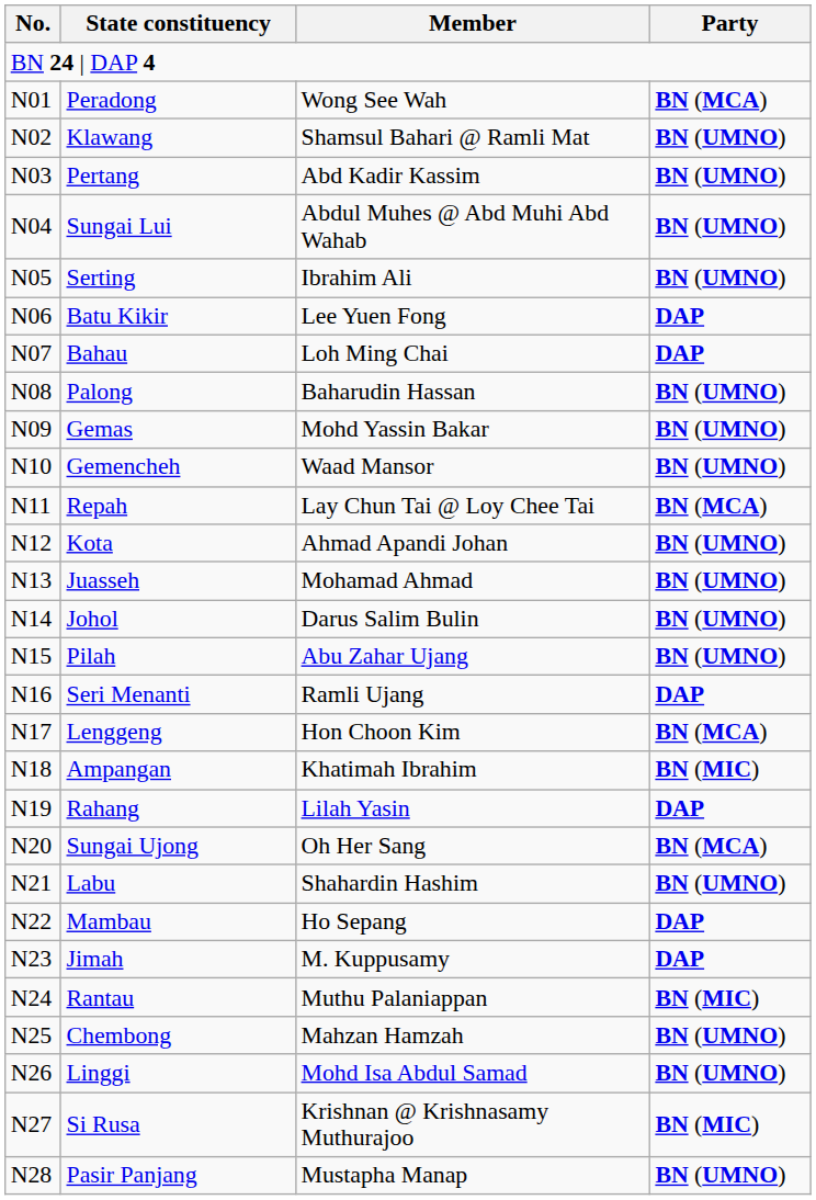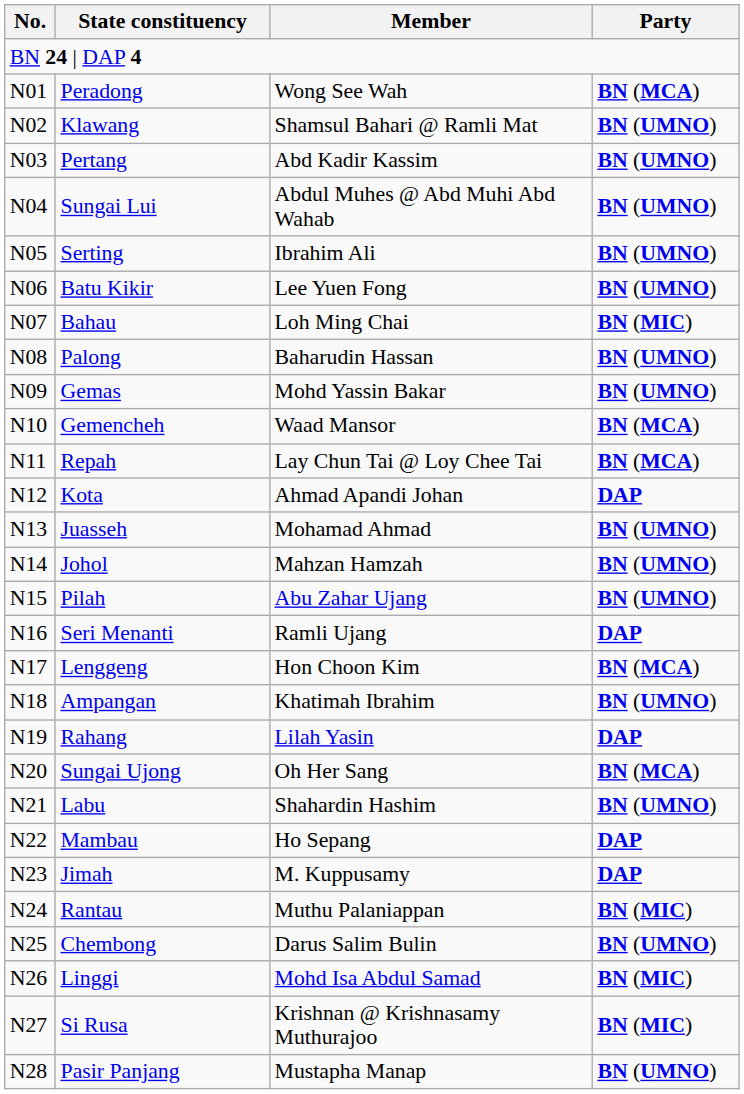 <table class="wikitable sortable">
 <tr>
 <th style="width:30px;">No.</th>
 <th style="width:150px;">State constituency</th>
 <th style="width:230px;">Member</th>
 <th style="width:100px;">Party</th>
 </tr>
 <tr>
 <td colspan="4"><a href='#'>BN</a> <strong>24</strong> | <a href='#'>DAP</a> <strong>4</strong></td>
 </tr>
 <tr>
 <td>N01</td>
 <td><a href='#'>Peradong</a></td>
 <td>Wong See Wah</td>
 <td><strong><a href='#'>BN</a></strong> (<strong><a href='#'>MCA</a></strong>)</td>
 </tr>
 <tr>
 <td>N02</td>
 <td><a href='#'>Klawang</a></td>
 <td>Shamsul Bahari @ Ramli Mat</td>
 <td><strong><a href='#'>BN</a></strong> (<strong><a href='#'>UMNO</a></strong>)</td>
 </tr>
 <tr>
 <td>N03</td>
 <td><a href='#'>Pertang</a></td>
 <td>Abd Kadir Kassim</td>
 <td><strong><a href='#'>BN</a></strong> (<strong><a href='#'>UMNO</a></strong>)</td>
 </tr>
 <tr>
 <td>N04</td>
 <td><a href='#'>Sungai Lui</a></td>
 <td>Abdul Muhes @ Abd Muhi Abd Wahab</td>
 <td><strong><a href='#'>BN</a></strong> (<strong><a href='#'>UMNO</a></strong>)</td>
 </tr>
 <tr>
 <td>N05</td>
 <td><a href='#'>Serting</a></td>
 <td>Ibrahim Ali</td>
 <td><strong><a href='#'>BN</a></strong> (<strong><a href='#'>UMNO</a></strong>)</td>
 </tr>
 <tr>
 <td>N06</td>
 <td><a href='#'>Batu Kikir</a></td>
 <td>Lee Yuen Fong</td>
-<td><strong><a href='#'>DAP</a></strong></td>
+<td><strong><a href='#'>BN</a></strong> (<strong><a href='#'>UMNO</a></strong>)</td>
 </tr>
 <tr>
 <td>N07</td>
 <td><a href='#'>Bahau</a></td>
 <td>Loh Ming Chai</td>
-<td><strong><a href='#'>DAP</a></strong></td>
+<td><strong><a href='#'>BN</a></strong> (<strong><a href='#'>MIC</a></strong>)</td>
 </tr>
 <tr>
 <td>N08</td>
 <td><a href='#'>Palong</a></td>
 <td>Baharudin Hassan</td>
 <td><strong><a href='#'>BN</a></strong> (<strong><a href='#'>UMNO</a></strong>)</td>
 </tr>
 <tr>
 <td>N09</td>
 <td><a href='#'>Gemas</a></td>
 <td>Mohd Yassin Bakar</td>
 <td><strong><a href='#'>BN</a></strong> (<strong><a href='#'>UMNO</a></strong>)</td>
 </tr>
 <tr>
 <td>N10</td>
 <td><a href='#'>Gemencheh</a></td>
 <td>Waad Mansor</td>
-<td><strong><a href='#'>BN</a></strong> (<strong><a href='#'>UMNO</a></strong>)</td>
+<td><strong><a href='#'>BN</a></strong> (<strong><a href='#'>MCA</a></strong>)</td>
 </tr>
 <tr>
 <td>N11</td>
 <td><a href='#'>Repah</a></td>
 <td>Lay Chun Tai @ Loy Chee Tai</td>
 <td><strong><a href='#'>BN</a></strong> (<strong><a href='#'>MCA</a></strong>)</td>
 </tr>
 <tr>
 <td>N12</td>
 <td><a href='#'>Kota</a></td>
 <td>Ahmad Apandi Johan</td>
-<td><strong><a href='#'>BN</a></strong> (<strong><a href='#'>UMNO</a></strong>)</td>
+<td><strong><a href='#'>DAP</a></strong></td>
 </tr>
 <tr>
 <td>N13</td>
 <td><a href='#'>Juasseh</a></td>
 <td>Mohamad Ahmad</td>
 <td><strong><a href='#'>BN</a></strong> (<strong><a href='#'>UMNO</a></strong>)</td>
 </tr>
 <tr>
 <td>N14</td>
 <td><a href='#'>Johol</a></td>
-<td>Darus Salim Bulin</td>
+<td>Mahzan Hamzah</td>
 <td><strong><a href='#'>BN</a></strong> (<strong><a href='#'>UMNO</a></strong>)</td>
 </tr>
 <tr>
 <td>N15</td>
 <td><a href='#'>Pilah</a></td>
 <td><a href='#'>Abu Zahar Ujang</a></td>
 <td><strong><a href='#'>BN</a></strong> (<strong><a href='#'>UMNO</a></strong>)</td>
 </tr>
 <tr>
 <td>N16</td>
 <td><a href='#'>Seri Menanti</a></td>
 <td>Ramli Ujang</td>
 <td><strong><a href='#'>DAP</a></strong></td>
 </tr>
 <tr>
 <td>N17</td>
 <td><a href='#'>Lenggeng</a></td>
 <td>Hon Choon Kim</td>
 <td><strong><a href='#'>BN</a></strong> (<strong><a href='#'>MCA</a></strong>)</td>
 </tr>
 <tr>
 <td>N18</td>
 <td><a href='#'>Ampangan</a></td>
 <td>Khatimah Ibrahim</td>
-<td><strong><a href='#'>BN</a></strong> (<strong><a href='#'>MIC</a></strong>)</td>
+<td><strong><a href='#'>BN</a></strong> (<strong><a href='#'>UMNO</a></strong>)</td>
 </tr>
 <tr>
 <td>N19</td>
 <td><a href='#'>Rahang</a></td>
 <td><a href='#'>Lilah Yasin</a></td>
 <td><strong><a href='#'>DAP</a></strong></td>
 </tr>
 <tr>
 <td>N20</td>
 <td><a href='#'>Sungai Ujong</a></td>
 <td>Oh Her Sang</td>
 <td><strong><a href='#'>BN</a></strong> (<strong><a href='#'>MCA</a></strong>)</td>
 </tr>
 <tr>
 <td>N21</td>
 <td><a href='#'>Labu</a></td>
 <td>Shahardin Hashim</td>
 <td><strong><a href='#'>BN</a></strong> (<strong><a href='#'>UMNO</a></strong>)</td>
 </tr>
 <tr>
 <td>N22</td>
 <td><a href='#'>Mambau</a></td>
 <td>Ho Sepang</td>
 <td><strong><a href='#'>DAP</a></strong></td>
 </tr>
 <tr>
 <td>N23</td>
 <td><a href='#'>Jimah</a></td>
 <td>M. Kuppusamy</td>
 <td><strong><a href='#'>DAP</a></strong></td>
 </tr>
 <tr>
 <td>N24</td>
 <td><a href='#'>Rantau</a></td>
 <td>Muthu Palaniappan</td>
 <td><strong><a href='#'>BN</a></strong> (<strong><a href='#'>MIC</a></strong>)</td>
 </tr>
 <tr>
 <td>N25</td>
 <td><a href='#'>Chembong</a></td>
-<td>Mahzan Hamzah</td>
+<td>Darus Salim Bulin</td>
 <td><strong><a href='#'>BN</a></strong> (<strong><a href='#'>UMNO</a></strong>)</td>
 </tr>
 <tr>
 <td>N26</td>
 <td><a href='#'>Linggi</a></td>
 <td><a href='#'>Mohd Isa Abdul Samad</a></td>
-<td><strong><a href='#'>BN</a></strong> (<strong><a href='#'>UMNO</a></strong>)</td>
+<td><strong><a href='#'>BN</a></strong> (<strong><a href='#'>MIC</a></strong>)</td>
 </tr>
 <tr>
 <td>N27</td>
 <td><a href='#'>Si Rusa</a></td>
 <td>Krishnan @ Krishnasamy Muthurajoo</td>
 <td><strong><a href='#'>BN</a></strong> (<strong><a href='#'>MIC</a></strong>)</td>
 </tr>
 <tr>
 <td>N28</td>
 <td><a href='#'>Pasir Panjang</a></td>
 <td>Mustapha Manap</td>
 <td><strong><a href='#'>BN</a></strong> (<strong><a href='#'>UMNO</a></strong>)</td>
 </tr>
 </table>
